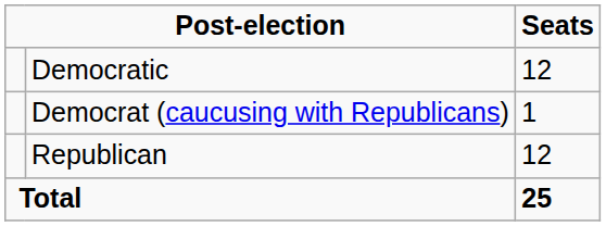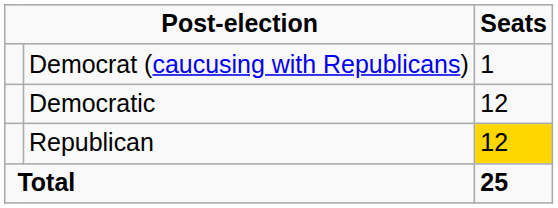 <table class="wikitable">
 <tr>
 <td colspan="2"  style="text-align:center; vertical-align:top;"><strong>Post-election</strong></td>
 <td style="vertical-align:top;"><strong>Seats</strong><br></td>
+</tr>
+<tr>
+<td style="background-color:"> </td>
+<td>Democrat (<a href='#'>caucusing with Republicans</a>)</td>
+<td>1</td>
 </tr>
 <tr>
 <td style="background-color:"> </td>
 <td>Democratic</td>
 <td>12</td>
 </tr>
 <tr>
 <td style="background-color:"> </td>
-<td>Democrat (<a href='#'>caucusing with Republicans</a>)</td>
-<td>1</td>
-</tr>
-<tr>
-<td style="background-color:"> </td>
 <td>Republican</td>
-<td>12</td>
+<td style="background: gold;">12</td>
 </tr>
 <tr>
 <td colspan="2"> <strong>Total</strong><br></td>
 <td><strong>25</strong></td>
 </tr>
 </table>
